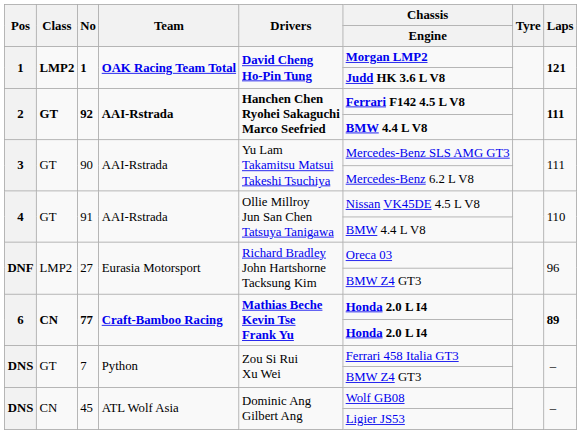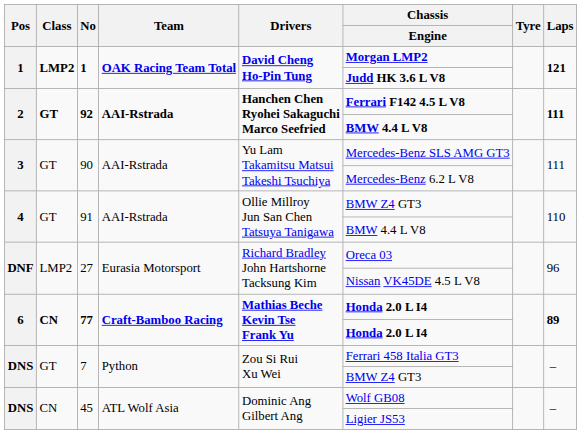 <table class="wikitable" style="font-size: 95%;">
 <tr>
 <th rowspan=2>Pos</th>
 <th rowspan=2>Class</th>
 <th rowspan=2>No</th>
 <th rowspan=2>Team</th>
 <th rowspan=2>Drivers</th>
 <th>Chassis</th>
 <th rowspan=2>Tyre</th>
 <th rowspan=2>Laps</th>
 </tr>
 <tr>
 <th>Engine</th>
 </tr>
 <tr style="font-weight:bold">
 <th rowspan=2>1</th>
 <td rowspan=2>LMP2</td>
 <td rowspan=2>1</td>
 <td rowspan=2> <a href='#'>OAK Racing Team Total</a></td>
 <td rowspan=2> <a href='#'>David Cheng</a><br> <a href='#'>Ho-Pin Tung</a></td>
 <td><a href='#'>Morgan LMP2</a></td>
 <td rowspan=2></td>
 <td rowspan=2>121</td>
 </tr>
 <tr style="font-weight:bold">
 <td><a href='#'>Judd</a> HK 3.6 L V8</td>
 </tr>
 <tr style="font-weight:bold">
 <th rowspan=2>2</th>
 <td rowspan=2>GT</td>
 <td rowspan=2>92</td>
 <td rowspan=2> AAI-Rstrada</td>
 <td rowspan=2> Hanchen Chen<br> Ryohei Sakaguchi<br> Marco Seefried</td>
 <td><a href='#'>Ferrari</a> F142 4.5 L V8</td>
 <td rowspan=2></td>
 <td rowspan=2>111</td>
 </tr>
 <tr style="font-weight:bold">
 <td><a href='#'>BMW</a> 4.4 L V8</td>
 </tr>
 <tr>
 <th rowspan=2>3</th>
 <td rowspan=2>GT</td>
 <td rowspan=2>90</td>
 <td rowspan=2> AAI-Rstrada</td>
 <td rowspan=2> Yu Lam<br> <a href='#'>Takamitsu Matsui</a><br> <a href='#'>Takeshi Tsuchiya</a></td>
 <td><a href='#'>Mercedes-Benz SLS AMG GT3</a></td>
 <td rowspan=2></td>
 <td rowspan=2>111</td>
 </tr>
 <tr>
 <td><a href='#'>Mercedes-Benz</a> 6.2 L V8</td>
 </tr>
 <tr>
 <th rowspan=2>4</th>
 <td rowspan=2>GT</td>
 <td rowspan=2>91</td>
 <td rowspan=2> AAI-Rstrada</td>
 <td rowspan=2> Ollie Millroy<br> Jun San Chen<br> <a href='#'>Tatsuya Tanigawa</a></td>
-<td><a href='#'>Nissan</a> <a href='#'>VK45DE</a> 4.5 L V8</td>
+<td><a href='#'>BMW Z4</a> GT3</td>
 <td rowspan=2></td>
 <td rowspan=2>110</td>
 </tr>
 <tr>
 <td><a href='#'>BMW</a> 4.4 L V8</td>
 </tr>
 <tr>
 <th rowspan=2>DNF</th>
 <td rowspan=2>LMP2</td>
 <td rowspan=2>27</td>
 <td rowspan=2> Eurasia Motorsport</td>
 <td rowspan=2> <a href='#'>Richard Bradley</a><br> John Hartshorne<br> Tacksung Kim</td>
 <td><a href='#'>Oreca 03</a></td>
 <td rowspan=2></td>
 <td rowspan=2>96</td>
 </tr>
 <tr>
-<td><a href='#'>BMW Z4</a> GT3</td>
+<td><a href='#'>Nissan</a> <a href='#'>VK45DE</a> 4.5 L V8</td>
 </tr>
 <tr style="font-weight:bold">
 <th rowspan=2>6</th>
 <td rowspan=2>CN</td>
 <td rowspan=2>77</td>
 <td rowspan=2> <a href='#'>Craft-Bamboo Racing</a></td>
 <td rowspan=2> <a href='#'>Mathias Beche</a><br> <a href='#'>Kevin Tse</a><br> <a href='#'>Frank Yu</a></td>
 <td><a href='#'>Honda</a> 2.0 L I4</td>
 <td rowspan=2></td>
 <td rowspan=2>89</td>
 </tr>
 <tr style="font-weight:bold">
 <td><a href='#'>Honda</a> 2.0 L I4</td>
 </tr>
 <tr>
 <th rowspan=2>DNS</th>
 <td rowspan=2>GT</td>
 <td rowspan=2>7</td>
 <td rowspan=2> Python</td>
 <td rowspan=2> Zou Si Rui<br> Xu Wei</td>
 <td><a href='#'>Ferrari 458 Italia GT3</a></td>
 <td rowspan=2></td>
 <td rowspan=2> –</td>
 </tr>
 <tr>
 <td><a href='#'>BMW Z4</a> GT3</td>
 </tr>
 <tr>
 <th rowspan=2>DNS</th>
 <td rowspan=2>CN</td>
 <td rowspan=2>45</td>
 <td rowspan=2> ATL Wolf Asia</td>
 <td rowspan=2> Dominic Ang<br> Gilbert Ang</td>
 <td><a href='#'>Wolf GB08</a></td>
 <td rowspan=2></td>
 <td rowspan=2> –</td>
 </tr>
 <tr>
 <td><a href='#'>Ligier JS53</a></td>
 </tr>
 </table>
